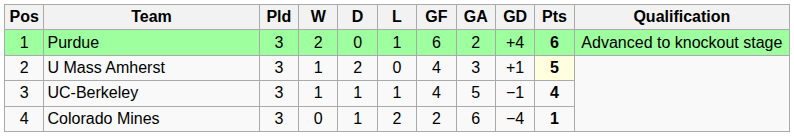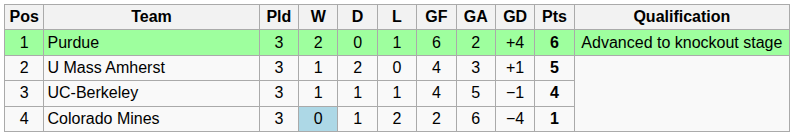 <table class="wikitable" style="text-align:center; margin: 1em auto">
 <tr>
 <th style=width:2em>Pos</th>
 <th style=width:13em>Team</th>
 <th style=width:2em>Pld</th>
 <th style=width:2em>W</th>
 <th style=width:2em>D</th>
 <th style=width:2em>L</th>
 <th style=width:2em>GF</th>
 <th style=width:2em>GA</th>
 <th style=width:2em>GD</th>
 <th style=width:2em>Pts</th>
 <th style=width:13em>Qualification</th>
 </tr>
 <tr bgcolor="#9eff9e">
 <td>1</td>
 <td style="text-align:left">Purdue</td>
 <td>3</td>
 <td>2</td>
 <td>0</td>
 <td>1</td>
 <td>6</td>
 <td>2</td>
 <td>+4</td>
 <td><strong>6</strong></td>
 <td>Advanced to knockout stage</td>
 </tr>
 <tr>
 <td>2</td>
 <td style="text-align:left">U Mass Amherst</td>
 <td>3</td>
 <td>1</td>
 <td>2</td>
 <td>0</td>
 <td>4</td>
 <td>3</td>
 <td>+1</td>
-<td style="background: lightyellow;"><strong>5</strong></td>
+<td><strong>5</strong></td>
 <td rowspan="3"></td>
 </tr>
 <tr>
 <td>3</td>
 <td style="text-align:left">UC-Berkeley</td>
 <td>3</td>
 <td>1</td>
 <td>1</td>
 <td>1</td>
 <td>4</td>
 <td>5</td>
 <td>−1</td>
 <td><strong>4</strong></td>
 </tr>
 <tr>
 <td>4</td>
 <td style="text-align:left">Colorado Mines</td>
 <td>3</td>
-<td>0</td>
+<td style="background: lightblue;">0</td>
 <td>1</td>
 <td>2</td>
 <td>2</td>
 <td>6</td>
 <td>−4</td>
 <td><strong>1</strong></td>
 </tr>
 </table>
